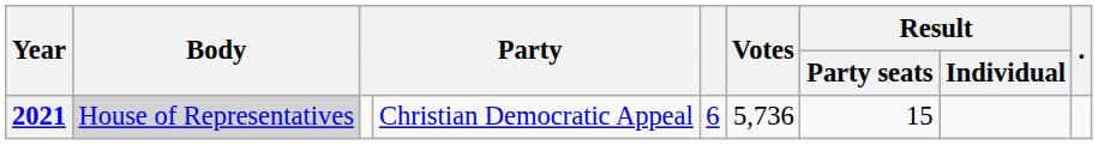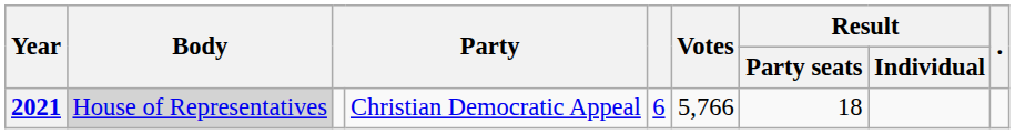 <table class="wikitable plainrowheaders sortable" border=2 cellpadding=4 cellspacing=0 style="border: 1px #aaa solid; font-size: 90%; text-align:center;">
 <tr>
 <th scope="col" rowspan=2>Year</th>
 <th scope="col" rowspan=2>Body</th>
 <th scope="col" colspan=2 rowspan=2>Party</th>
 <th scope="col" rowspan=2></th>
 <th scope="col" rowspan=2>Votes</th>
 <th scope="colgroup" colspan=2>Result</th>
 <th scope="col" rowspan=2 class="unsortable">.</th>
 </tr>
 <tr>
 <th scope="col">Party seats</th>
 <th scope="col">Individual</th>
 </tr>
 <tr>
 <th scope="row"><a href='#'>2021</a></th>
 <td style="background: lightgrey;"><a href='#'>House of Representatives</a></td>
 <td style="background-color:"></td>
 <td><a href='#'>Christian Democratic Appeal</a></td>
 <td style=text-align:right><a href='#'>6</a></td>
-<td style=text-align:right>5,736</td>
-<td style=text-align:right>15</td>
+<td style=text-align:right>5,766</td>
+<td style=text-align:right>18</td>
 <td></td>
 <td></td>
 </tr>
 </table>
